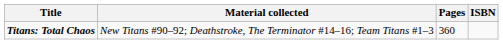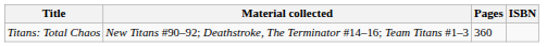 <table class="wikitable">
 <tr>
 <th>Title</th>
 <th>Material collected</th>
 <th>Pages</th>
 <th>ISBN</th>
 </tr>
 <tr>
-<td><strong><em>Titans: Total Chaos</em></strong></td>
+<td><em>Titans: Total Chaos</em></td>
 <td><em>New Titans</em> #90–92; <em>Deathstroke, The Terminator</em> #14–16; <em>Team Titans</em> #1–3</td>
 <td>360</td>
 <td></td>
 </tr>
 </table>
